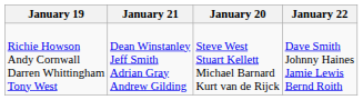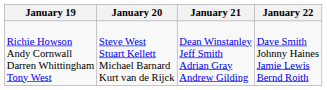 <table class="wikitable">
 <tr>
 <th>January 19</th>
+<th>January 20</th>
 <th>January 21</th>
-<th>January 20</th>
 <th>January 22</th>
 </tr>
 <tr>
 <td><br> <a href='#'>Richie Howson</a> <br>  Andy Cornwall <br>  Darren Whittingham <br>  <a href='#'>Tony West</a> <br></td>
+<td><br> <a href='#'>Steve West</a> <br>  <a href='#'>Stuart Kellett</a> <br>  Michael Barnard <br>  Kurt van de Rijck <br></td>
 <td><br> <a href='#'>Dean Winstanley</a> <br>  <a href='#'>Jeff Smith</a> <br>  <a href='#'>Adrian Gray</a><br>  <a href='#'>Andrew Gilding</a><br></td>
-<td><br> <a href='#'>Steve West</a> <br>  <a href='#'>Stuart Kellett</a> <br>  Michael Barnard <br>  Kurt van de Rijck <br></td>
 <td><br> <a href='#'>Dave Smith</a> <br>  Johnny Haines <br>  <a href='#'>Jamie Lewis</a> <br>  <a href='#'>Bernd Roith</a> <br></td>
 </tr>
 </table>
